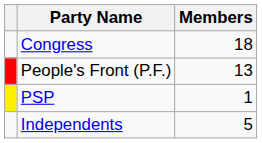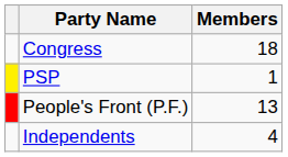 <table class="wikitable Sortable" border="2">
 <tr valign="top">
 <th></th>
 <th>Party Name</th>
 <th>Members</th>
 </tr>
 <tr>
 <td style="background-color:"> </td>
 <td style="text-align:left;"><a href='#'>Congress</a></td>
 <td align="right">18</td>
 </tr>
 <tr>
+<td style="background-color:#FFF000"> </td>
+<td style="text-align:left;"><a href='#'>PSP</a></td>
+<td align="right">1</td>
+</tr>
+<tr>
 <td style="background-color:#FF0000"> </td>
 <td style="text-align:left;">People's Front (P.F.)</td>
 <td align="right">13</td>
 </tr>
 <tr>
-<td style="background-color:#FFF000"> </td>
-<td style="text-align:left;"><a href='#'>PSP</a></td>
-<td align="right">1</td>
-</tr>
-<tr>
 <td style="background-color:"> </td>
 <td style="text-align:left;"><a href='#'>Independents</a></td>
-<td align="right">5</td>
+<td align="right">4</td>
 </tr>
 </table>
